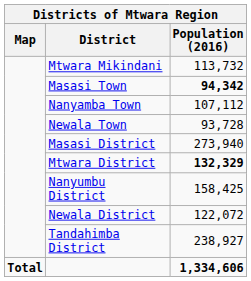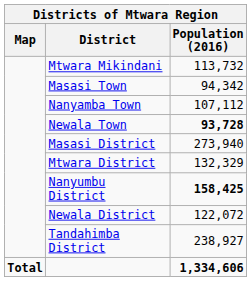 <table class="wikitable">
 <tr>
 <th colspan="6">Districts of Mtwara Region</th>
 </tr>
 <tr style="text-align:center;">
 <th>Map</th>
 <th style="width: 10em">District</th>
 <th style="width: 6em">Population<br>(2016)</th>
 </tr>
 <tr>
 <td rowspan=9></td>
 <td><a href='#'>Mtwara Mikindani</a></td>
 <td style="text-align:right;">113,732</td>
 </tr>
 <tr>
 <td><a href='#'>Masasi Town</a></td>
-<td style="text-align:right;"><strong>94,342</strong></td>
+<td style="text-align:right;">94,342</td>
 </tr>
 <tr>
 <td><a href='#'>Nanyamba Town</a></td>
 <td style="text-align:right;">107,112</td>
 </tr>
 <tr>
 <td><a href='#'>Newala Town</a></td>
-<td style="text-align:right;">93,728</td>
+<td style="text-align:right;"><strong>93,728</strong></td>
 </tr>
 <tr>
 <td><a href='#'>Masasi District</a></td>
 <td style="text-align:right;">273,940</td>
 </tr>
 <tr>
 <td><a href='#'>Mtwara District</a></td>
-<td style="text-align:right;"><strong>132,329</strong></td>
+<td style="text-align:right;">132,329</td>
 </tr>
 <tr>
 <td><a href='#'>Nanyumbu District</a></td>
-<td style="text-align:right;">158,425</td>
+<td style="text-align:right;"><strong>158,425</strong></td>
 </tr>
 <tr>
 <td><a href='#'>Newala District</a></td>
 <td style="text-align:right;">122,072</td>
 </tr>
 <tr>
 <td><a href='#'>Tandahimba District</a></td>
 <td style="text-align:right;">238,927</td>
 </tr>
 <tr>
 <td><strong>Total</strong></td>
 <td></td>
 <td style="text-align:right;"><strong>1,334,606</strong></td>
 </tr>
 </table>
